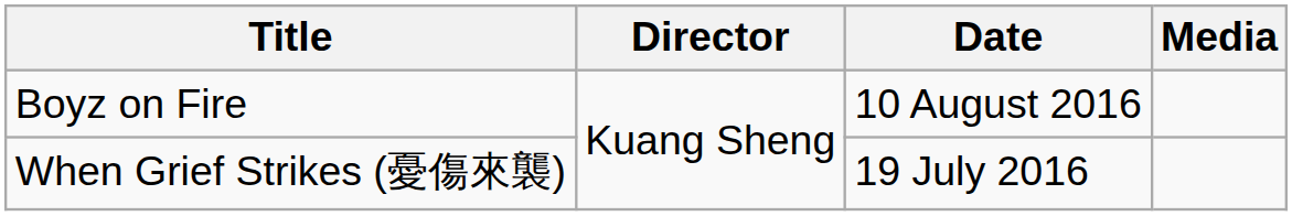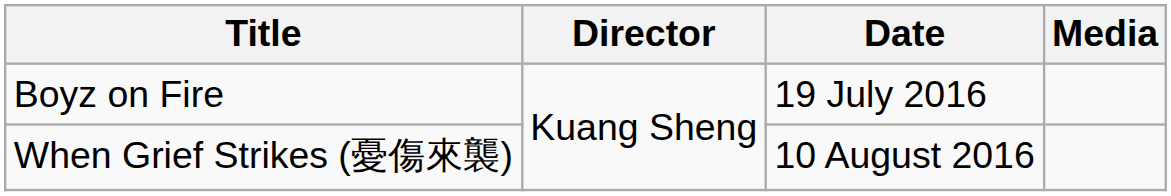 <table class="wikitable">
 <tr>
 <th>Title</th>
 <th>Director</th>
 <th>Date</th>
 <th>Media</th>
 </tr>
 <tr>
 <td>Boyz on Fire</td>
 <td rowspan="2">Kuang Sheng</td>
-<td>10 August 2016</td>
+<td>19 July 2016</td>
 <td></td>
 </tr>
 <tr>
 <td>When Grief Strikes (憂傷來襲)</td>
-<td>19 July 2016</td>
+<td>10 August 2016</td>
 <td></td>
 </tr>
 </table>
